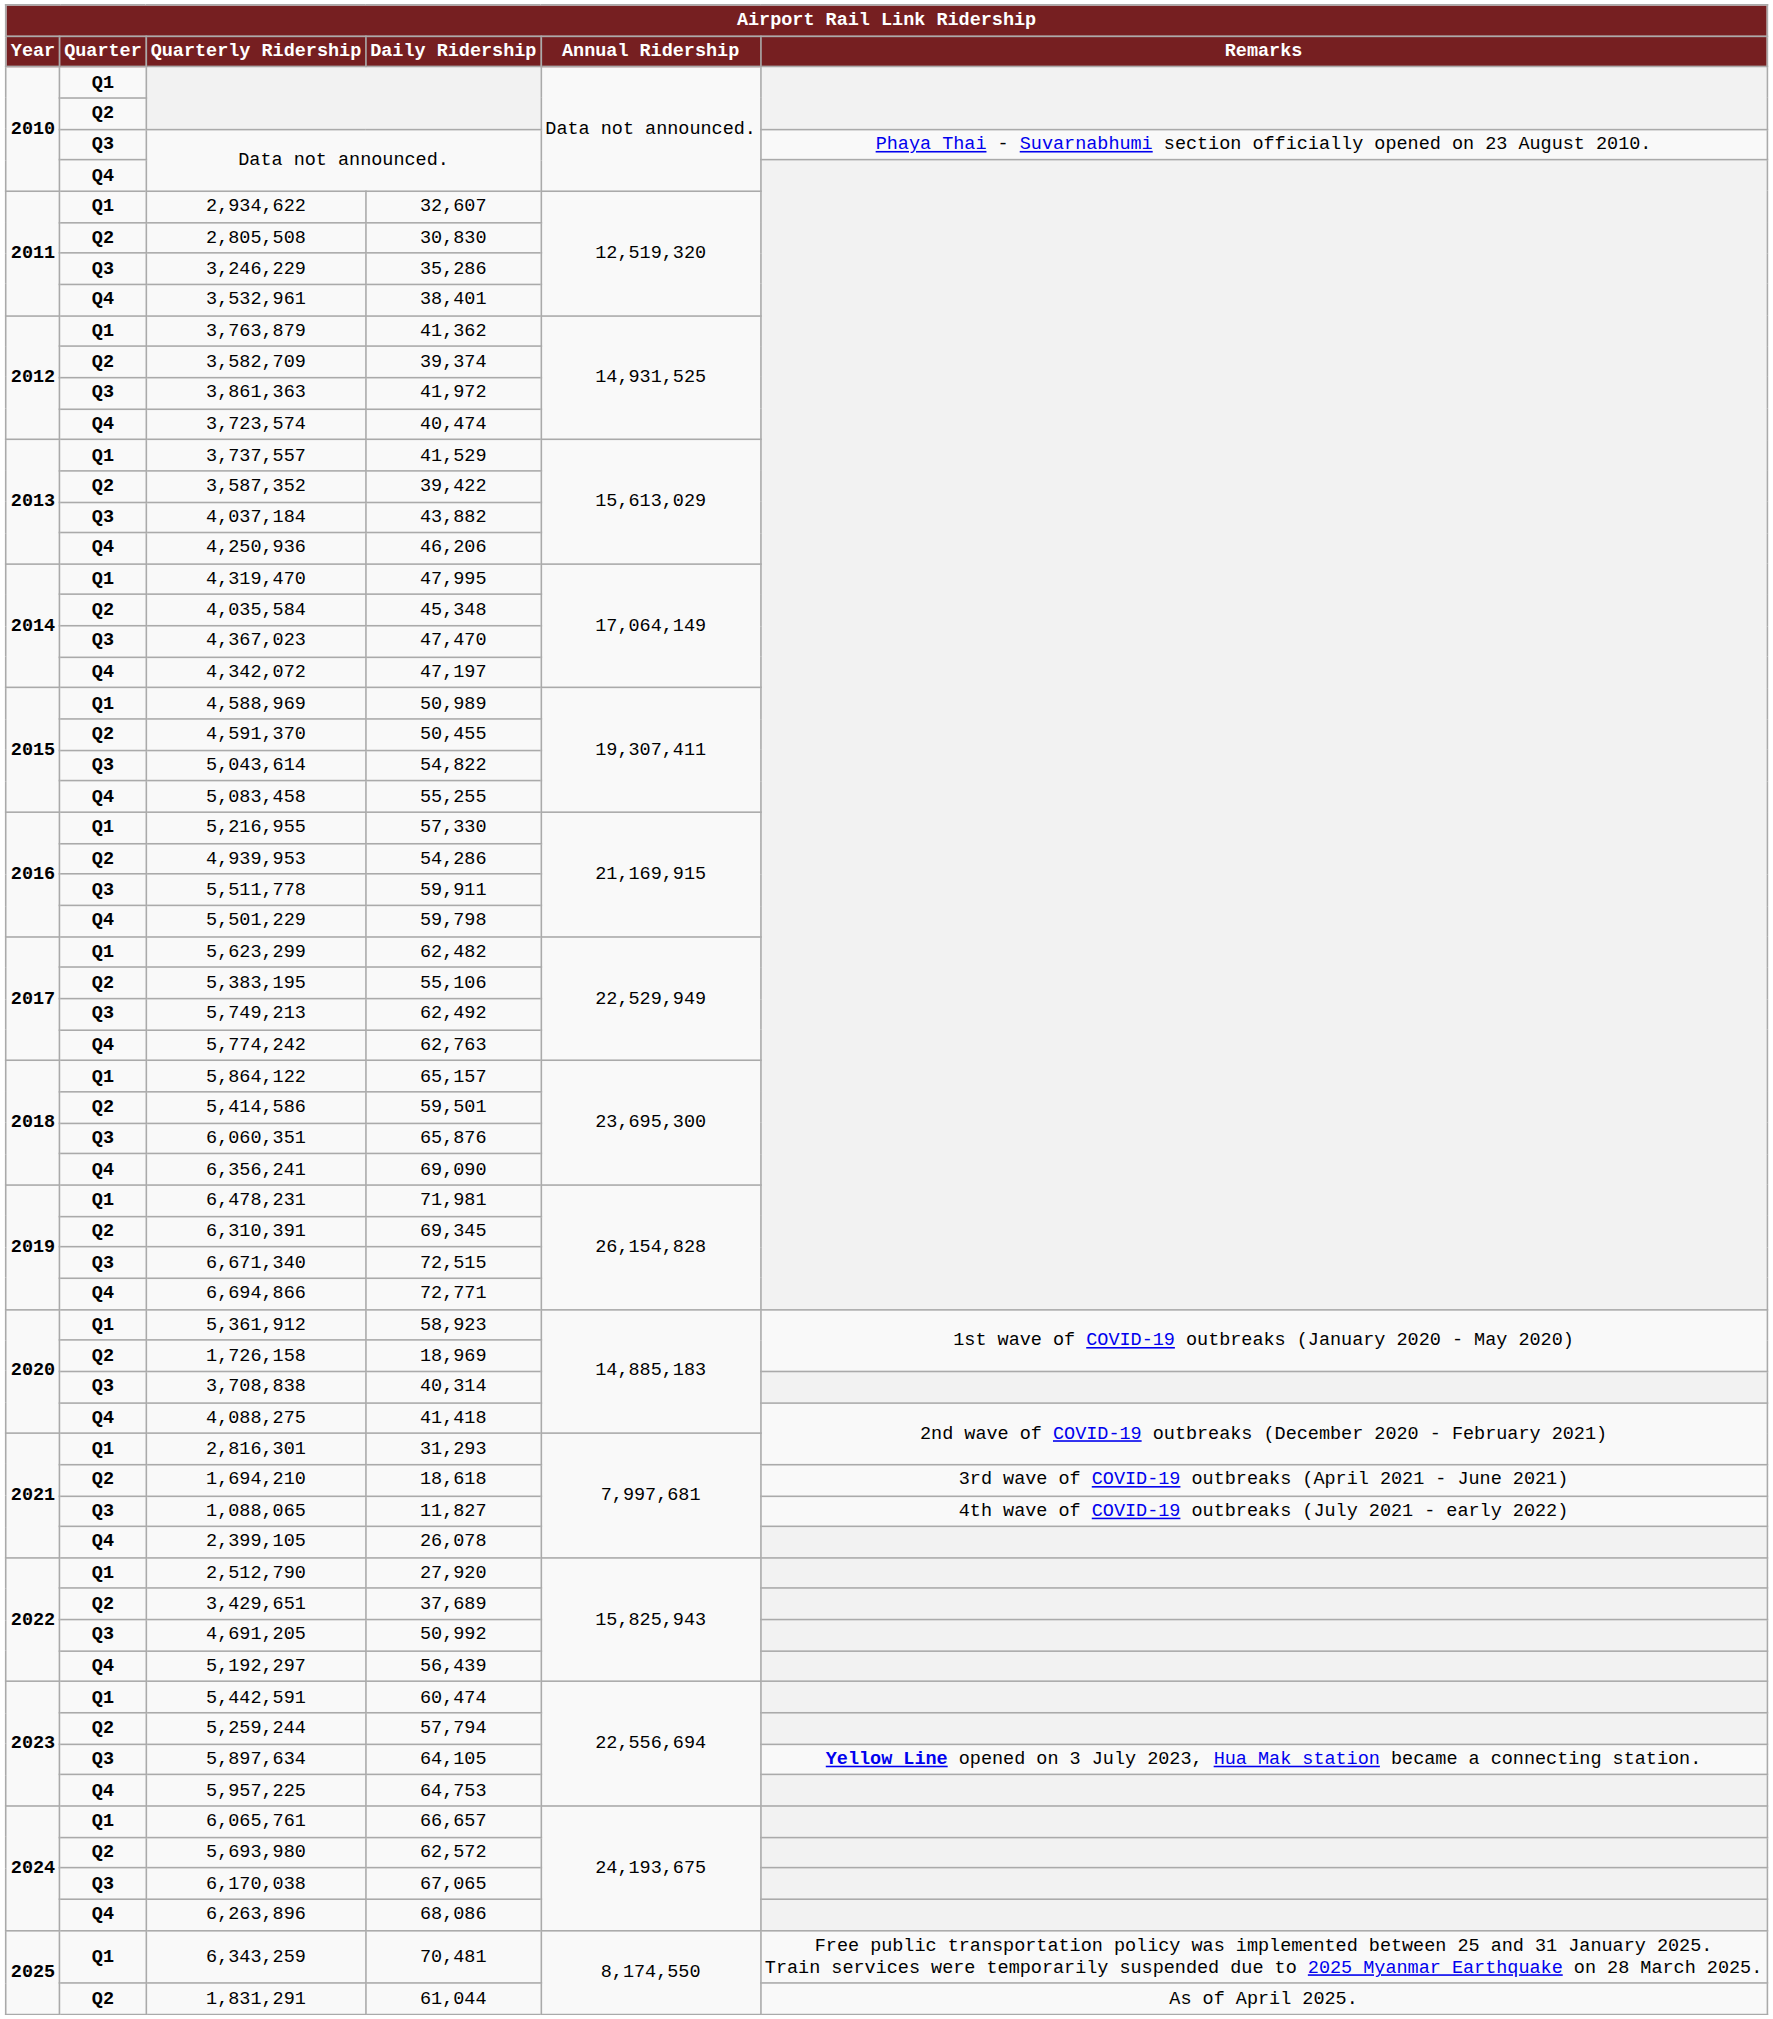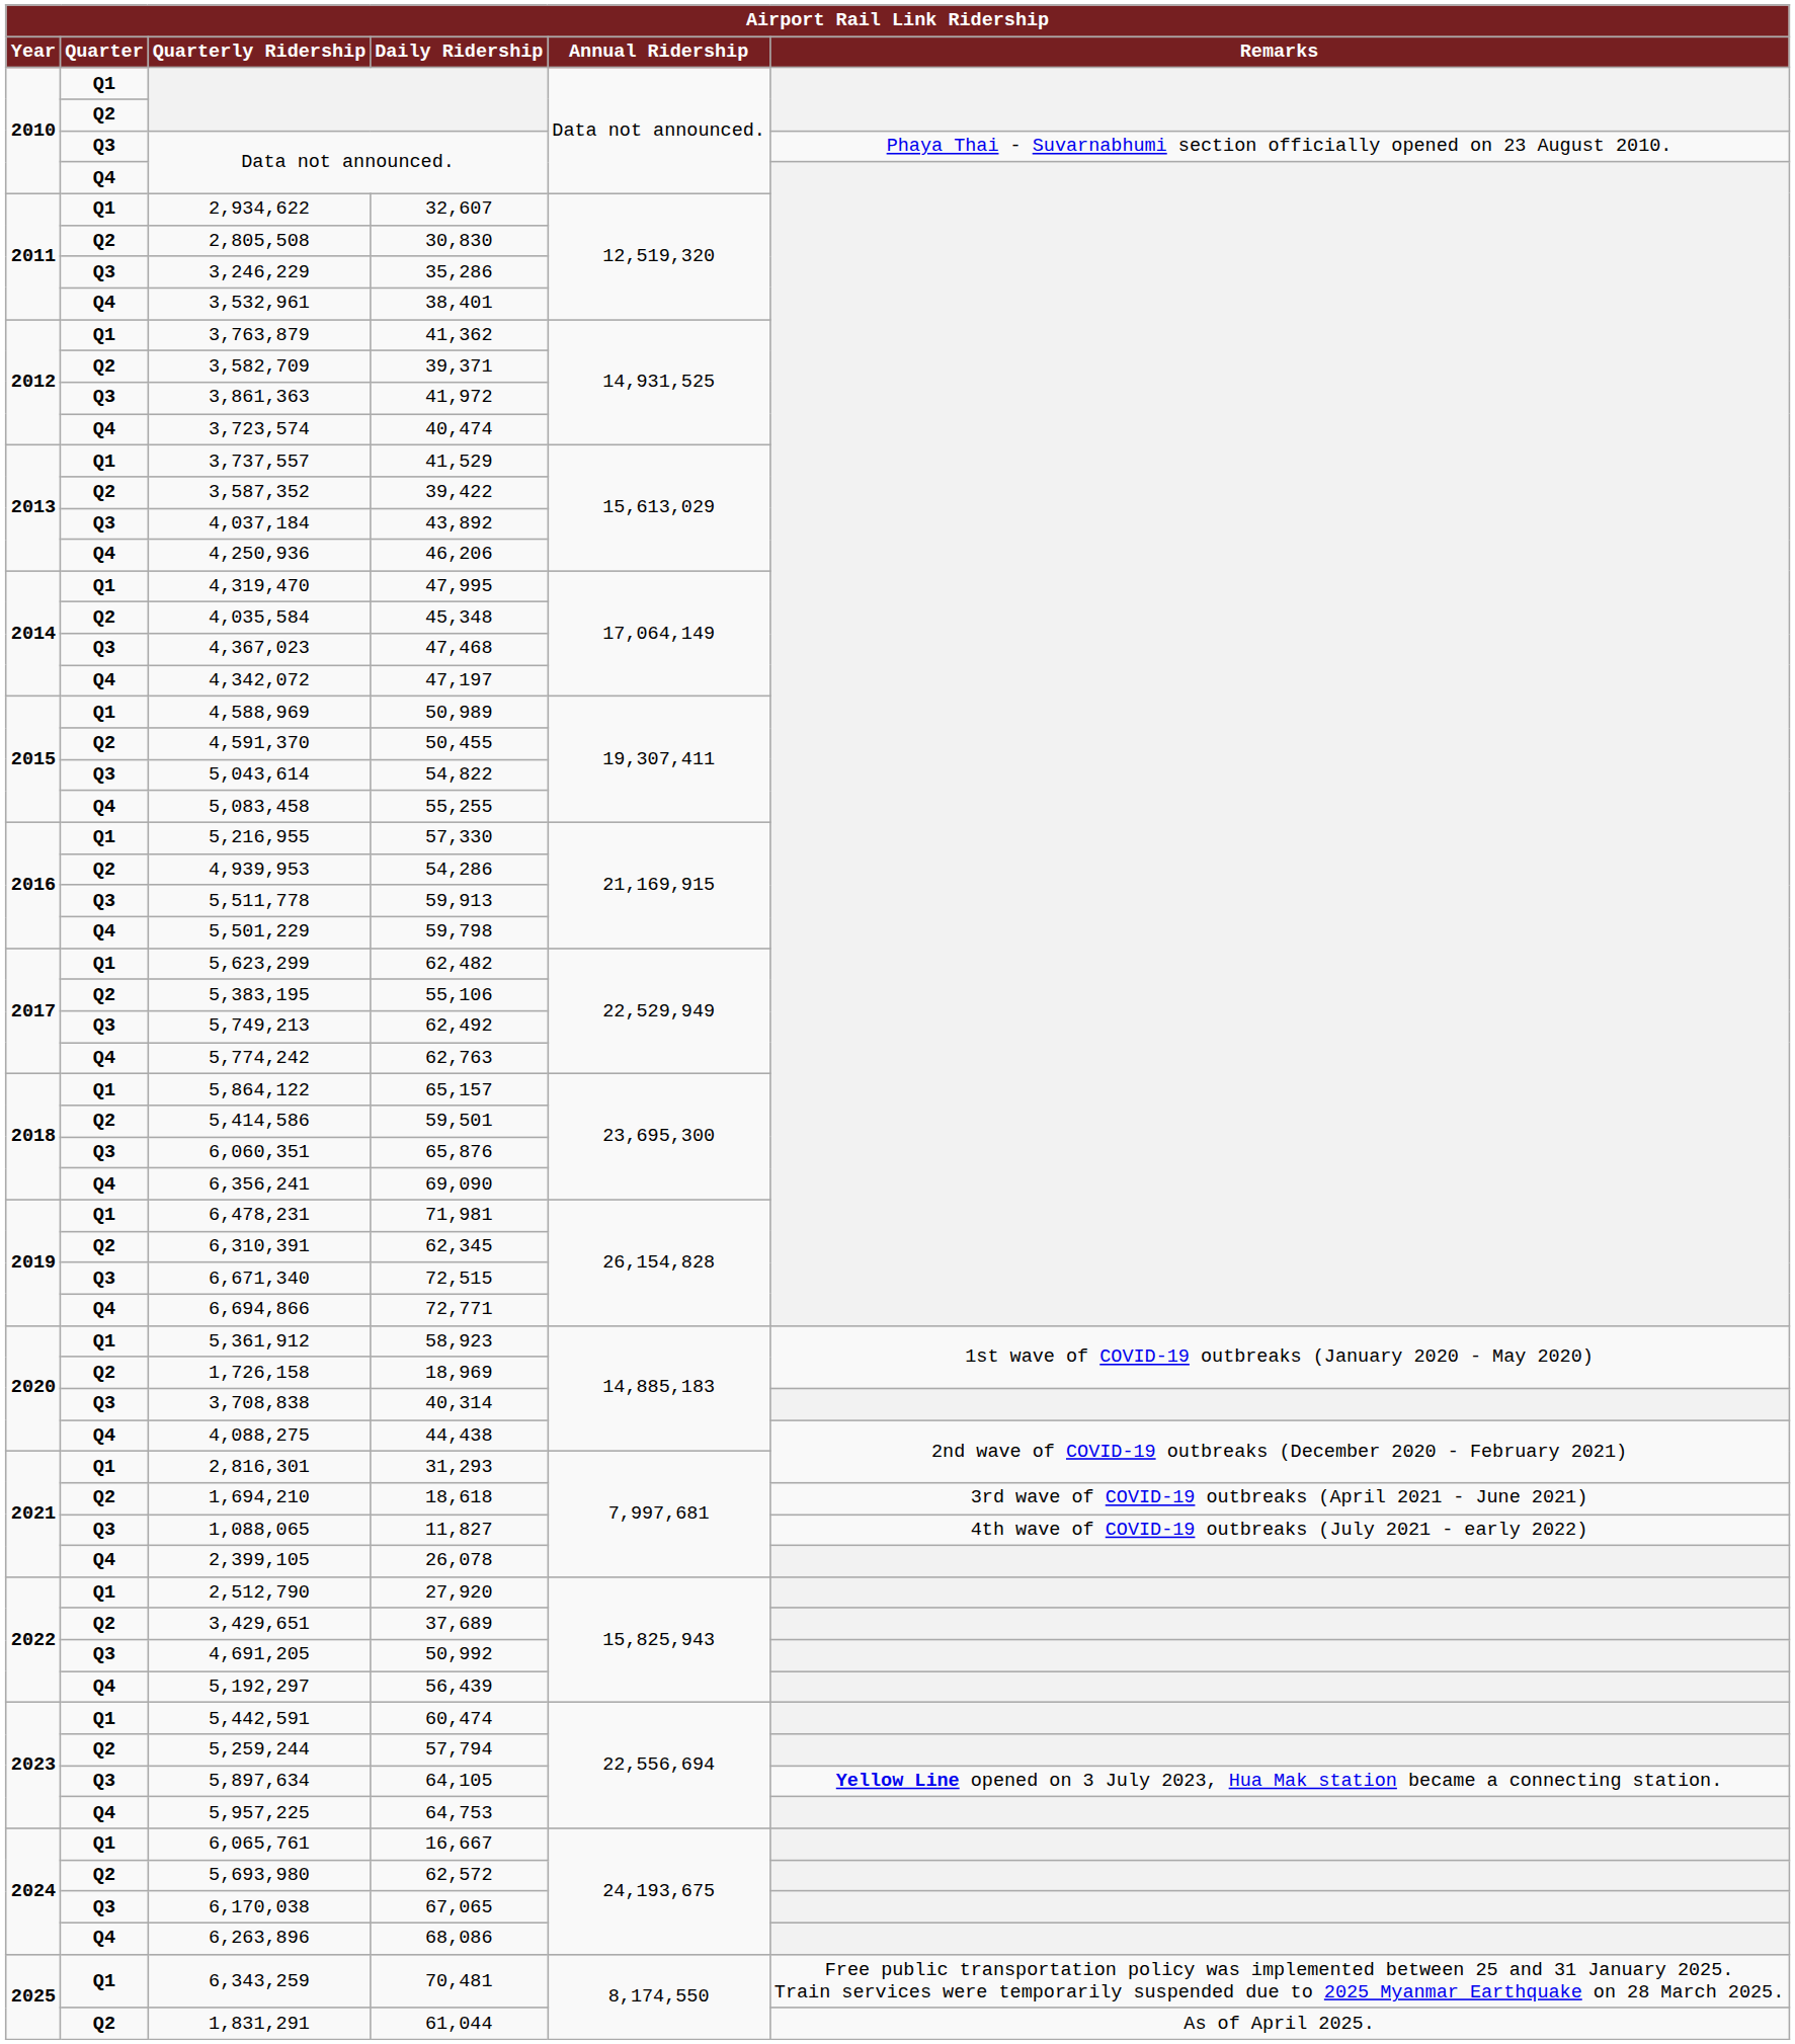 <table class="wikitable" style="margin:auto;font-align:center;text-align:center;font-size:90%;">
 <tr>
 <th align="center" colspan="6" style="background:#761f21; color:white;">Airport Rail Link Ridership</th>
 </tr>
 <tr>
 <th style="background:#761f21; color:white;">Year</th>
 <th style="background:#761f21; color:white;">Quarter</th>
 <th style="background:#761f21; color:white;">Quarterly Ridership</th>
 <th style="background:#761f21; color:white;">Daily Ridership</th>
 <th style="background:#761f21; color:white;"><strong>Annual Ridership</strong></th>
 <th style="background:#761f21; color:white;">Remarks</th>
 </tr>
 <tr>
 <td rowspan="4"><strong>2010</strong></td>
 <td><strong>Q1</strong></td>
 <th colspan="2" rowspan="2"></th>
 <td rowspan="4">Data not announced.</td>
 <th rowspan="2"></th>
 </tr>
 <tr>
 <td><strong>Q2</strong></td>
 </tr>
 <tr>
 <td><strong>Q3</strong></td>
 <td colspan="2" rowspan="2">Data not announced.</td>
 <td><a href='#'>Phaya Thai</a> - <a href='#'>Suvarnabhumi</a> section officially opened on 23 August 2010.</td>
 </tr>
 <tr>
 <td><strong>Q4</strong></td>
 <th rowspan="37"></th>
 </tr>
 <tr>
 <td rowspan="4"><strong>2011</strong></td>
 <td><strong>Q1</strong></td>
 <td>2,934,622</td>
 <td>32,607</td>
 <td rowspan="4">12,519,320</td>
 </tr>
 <tr>
 <td><strong>Q2</strong></td>
 <td>2,805,508</td>
 <td>30,830</td>
 </tr>
 <tr>
 <td><strong>Q3</strong></td>
 <td>3,246,229</td>
 <td>35,286</td>
 </tr>
 <tr>
 <td><strong>Q4</strong></td>
 <td>3,532,961</td>
 <td>38,401</td>
 </tr>
 <tr>
 <td rowspan="4"><strong>2012</strong></td>
 <td><strong>Q1</strong></td>
 <td>3,763,879</td>
 <td>41,362</td>
 <td rowspan="4">14,931,525</td>
 </tr>
 <tr>
 <td><strong>Q2</strong></td>
 <td>3,582,709</td>
-<td>39,374</td>
+<td>39,371</td>
 </tr>
 <tr>
 <td><strong>Q3</strong></td>
 <td>3,861,363</td>
 <td>41,972</td>
 </tr>
 <tr>
 <td><strong>Q4</strong></td>
 <td>3,723,574</td>
 <td>40,474</td>
 </tr>
 <tr>
 <td rowspan="4"><strong>2013</strong></td>
 <td><strong>Q1</strong></td>
 <td>3,737,557</td>
 <td>41,529</td>
 <td rowspan="4">15,613,029</td>
 </tr>
 <tr>
 <td><strong>Q2</strong></td>
 <td>3,587,352</td>
 <td>39,422</td>
 </tr>
 <tr>
 <td><strong>Q3</strong></td>
 <td>4,037,184</td>
-<td>43,882</td>
+<td>43,892</td>
 </tr>
 <tr>
 <td><strong>Q4</strong></td>
 <td>4,250,936</td>
 <td>46,206</td>
 </tr>
 <tr>
 <td rowspan="4"><strong>2014</strong></td>
 <td><strong>Q1</strong></td>
 <td>4,319,470</td>
 <td>47,995</td>
 <td rowspan="4">17,064,149</td>
 </tr>
 <tr>
 <td><strong>Q2</strong></td>
 <td>4,035,584</td>
 <td>45,348</td>
 </tr>
 <tr>
 <td><strong>Q3</strong></td>
 <td>4,367,023</td>
-<td>47,470</td>
+<td>47,468</td>
 </tr>
 <tr>
 <td><strong>Q4</strong></td>
 <td>4,342,072</td>
 <td>47,197</td>
 </tr>
 <tr>
 <td rowspan="4"><strong>2015</strong></td>
 <td><strong>Q1</strong></td>
 <td>4,588,969</td>
 <td>50,989</td>
 <td rowspan="4">19,307,411</td>
 </tr>
 <tr>
 <td><strong>Q2</strong></td>
 <td>4,591,370</td>
 <td>50,455</td>
 </tr>
 <tr>
 <td><strong>Q3</strong></td>
 <td>5,043,614</td>
 <td>54,822</td>
 </tr>
 <tr>
 <td><strong>Q4</strong></td>
 <td>5,083,458</td>
 <td>55,255</td>
 </tr>
 <tr>
 <td rowspan="4"><strong>2016</strong></td>
 <td><strong>Q1</strong></td>
 <td>5,216,955</td>
 <td>57,330</td>
 <td rowspan="4">21,169,915</td>
 </tr>
 <tr>
 <td><strong>Q2</strong></td>
 <td>4,939,953</td>
 <td>54,286</td>
 </tr>
 <tr>
 <td><strong>Q3</strong></td>
 <td>5,511,778</td>
-<td>59,911</td>
+<td>59,913</td>
 </tr>
 <tr>
 <td><strong>Q4</strong></td>
 <td>5,501,229</td>
 <td>59,798</td>
 </tr>
 <tr>
 <td rowspan="4"><strong>2017</strong></td>
 <td><strong>Q1</strong></td>
 <td>5,623,299</td>
 <td>62,482</td>
 <td rowspan="4">22,529,949</td>
 </tr>
 <tr>
 <td><strong>Q2</strong></td>
 <td>5,383,195</td>
 <td>55,106</td>
 </tr>
 <tr>
 <td><strong>Q3</strong></td>
 <td>5,749,213</td>
 <td>62,492</td>
 </tr>
 <tr>
 <td><strong>Q4</strong></td>
 <td>5,774,242</td>
 <td>62,763</td>
 </tr>
 <tr>
 <td rowspan="4"><strong>2018</strong></td>
 <td><strong>Q1</strong></td>
 <td>5,864,122</td>
 <td>65,157</td>
 <td rowspan="4">23,695,300</td>
 </tr>
 <tr>
 <td><strong>Q2</strong></td>
 <td>5,414,586</td>
 <td>59,501</td>
 </tr>
 <tr>
 <td><strong>Q3</strong></td>
 <td>6,060,351</td>
 <td>65,876</td>
 </tr>
 <tr>
 <td><strong>Q4</strong></td>
 <td>6,356,241</td>
 <td>69,090</td>
 </tr>
 <tr>
 <td rowspan="4"><strong>2019</strong></td>
 <td><strong>Q1</strong></td>
 <td>6,478,231</td>
 <td>71,981</td>
 <td rowspan="4">26,154,828</td>
 </tr>
 <tr>
 <td><strong>Q2</strong></td>
 <td>6,310,391</td>
-<td>69,345</td>
+<td>62,345</td>
 </tr>
 <tr>
 <td><strong>Q3</strong></td>
 <td>6,671,340</td>
 <td>72,515</td>
 </tr>
 <tr>
 <td><strong>Q4</strong></td>
 <td>6,694,866</td>
 <td>72,771</td>
 </tr>
 <tr>
 <td rowspan="4"><strong>2020</strong></td>
 <td><strong>Q1</strong></td>
 <td>5,361,912</td>
 <td>58,923</td>
 <td rowspan="4">14,885,183</td>
 <td rowspan="2">1st wave of <a href='#'>COVID-19</a> outbreaks (January 2020 - May 2020)</td>
 </tr>
 <tr>
 <td><strong>Q2</strong></td>
 <td>1,726,158</td>
 <td>18,969</td>
 </tr>
 <tr>
 <td><strong>Q3</strong></td>
 <td>3,708,838</td>
 <td>40,314</td>
 <th></th>
 </tr>
 <tr>
 <td><strong>Q4</strong></td>
 <td>4,088,275</td>
-<td>41,418</td>
+<td>44,438</td>
 <td rowspan="2">2nd wave of <a href='#'>COVID-19</a> outbreaks (December 2020 - February 2021)</td>
 </tr>
 <tr>
 <td rowspan="4"><strong>2021</strong></td>
 <td><strong>Q1</strong></td>
 <td>2,816,301</td>
 <td>31,293</td>
 <td rowspan="4">7,997,681</td>
 </tr>
 <tr>
 <td><strong>Q2</strong></td>
 <td>1,694,210</td>
 <td>18,618</td>
 <td>3rd wave of <a href='#'>COVID-19</a> outbreaks (April 2021 - June 2021)</td>
 </tr>
 <tr>
 <td><strong>Q3</strong></td>
 <td>1,088,065</td>
 <td>11,827</td>
 <td>4th wave of <a href='#'>COVID-19</a> outbreaks (July 2021 - early 2022)</td>
 </tr>
 <tr>
 <td><strong>Q4</strong></td>
 <td>2,399,105</td>
 <td>26,078</td>
 <th></th>
 </tr>
 <tr>
 <td rowspan="4"><strong>2022</strong></td>
 <td><strong>Q1</strong></td>
 <td>2,512,790</td>
 <td>27,920</td>
 <td rowspan="4">15,825,943</td>
 <th></th>
 </tr>
 <tr>
 <td><strong>Q2</strong></td>
 <td>3,429,651</td>
 <td>37,689</td>
 <th></th>
 </tr>
 <tr>
 <td><strong>Q3</strong></td>
 <td>4,691,205</td>
 <td>50,992</td>
 <th></th>
 </tr>
 <tr>
 <td><strong>Q4</strong></td>
 <td>5,192,297</td>
 <td>56,439</td>
 <th></th>
 </tr>
 <tr>
 <td rowspan="4"><strong>2023</strong></td>
 <td><strong>Q1</strong></td>
 <td>5,442,591</td>
 <td>60,474</td>
 <td rowspan="4">22,556,694</td>
 <th></th>
 </tr>
 <tr>
 <td><strong>Q2</strong></td>
 <td>5,259,244</td>
 <td>57,794</td>
 <th></th>
 </tr>
 <tr>
 <td><strong>Q3</strong></td>
 <td>5,897,634</td>
 <td>64,105</td>
 <td><strong></strong> <a href='#'><strong>Yellow Line</strong></a> opened on 3 July 2023,  <a href='#'>Hua Mak station</a> became a connecting station.</td>
 </tr>
 <tr>
 <td><strong>Q4</strong></td>
 <td>5,957,225</td>
 <td>64,753</td>
 <th></th>
 </tr>
 <tr>
 <td rowspan="4"><strong>2024</strong></td>
 <td><strong>Q1</strong></td>
 <td>6,065,761</td>
-<td>66,657</td>
+<td>16,667</td>
 <td rowspan="4">24,193,675</td>
 <th></th>
 </tr>
 <tr>
 <td><strong>Q2</strong></td>
 <td>5,693,980</td>
 <td>62,572</td>
 <th></th>
 </tr>
 <tr>
 <td><strong>Q3</strong></td>
 <td>6,170,038</td>
 <td>67,065</td>
 <th></th>
 </tr>
 <tr>
 <td><strong>Q4</strong></td>
 <td>6,263,896</td>
 <td>68,086</td>
 <th></th>
 </tr>
 <tr>
 <td rowspan="2"><strong>2025</strong></td>
 <td><strong>Q1</strong></td>
 <td>6,343,259</td>
 <td>70,481</td>
 <td rowspan="2">8,174,550</td>
 <td>Free public transportation policy was implemented between 25 and 31 January 2025.<br>Train services were temporarily suspended due to <a href='#'>2025 Myanmar Earthquake</a> on 28 March 2025.</td>
 </tr>
 <tr>
 <td><strong>Q2</strong></td>
 <td>1,831,291</td>
 <td>61,044</td>
 <td>As of April 2025.</td>
 </tr>
 </table>
